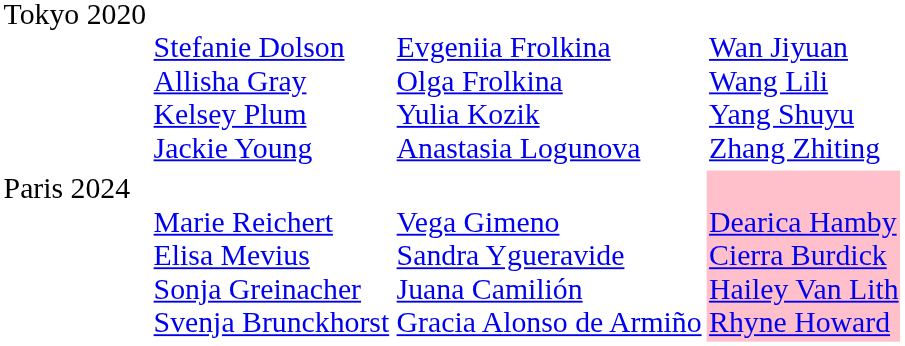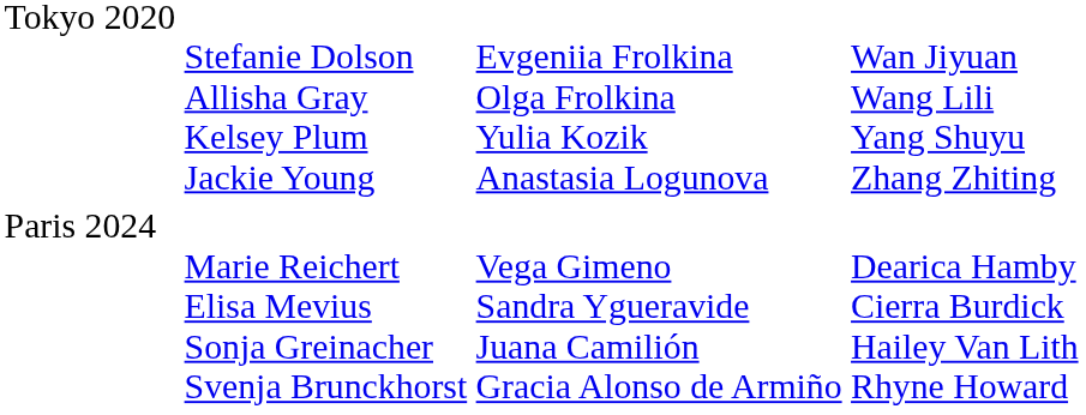 <table>
 <tr valign="top">
 <td>Tokyo 2020<br></td>
 <td><br><a href='#'>Stefanie Dolson</a><br><a href='#'>Allisha Gray</a><br><a href='#'>Kelsey Plum</a><br><a href='#'>Jackie Young</a></td>
 <td><br><a href='#'>Evgeniia Frolkina</a><br><a href='#'>Olga Frolkina</a><br><a href='#'>Yulia Kozik</a><br><a href='#'>Anastasia Logunova</a></td>
 <td><br><a href='#'>Wan Jiyuan</a><br><a href='#'>Wang Lili</a><br><a href='#'>Yang Shuyu</a><br><a href='#'>Zhang Zhiting</a></td>
 </tr>
 <tr valign="top">
 <td>Paris 2024<br></td>
 <td><br><a href='#'>Marie Reichert</a><br><a href='#'>Elisa Mevius</a><br><a href='#'>Sonja Greinacher</a><br><a href='#'>Svenja Brunckhorst</a></td>
 <td><br><a href='#'>Vega Gimeno</a><br><a href='#'>Sandra Ygueravide</a><br><a href='#'>Juana Camilión</a><br><a href='#'>Gracia Alonso de Armiño</a></td>
-<td style="background: pink;"><br><a href='#'>Dearica Hamby</a><br><a href='#'>Cierra Burdick</a><br><a href='#'>Hailey Van Lith</a><br><a href='#'>Rhyne Howard</a></td>
+<td><br><a href='#'>Dearica Hamby</a><br><a href='#'>Cierra Burdick</a><br><a href='#'>Hailey Van Lith</a><br><a href='#'>Rhyne Howard</a></td>
 </tr>
 </table>
